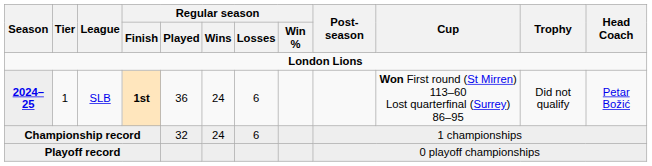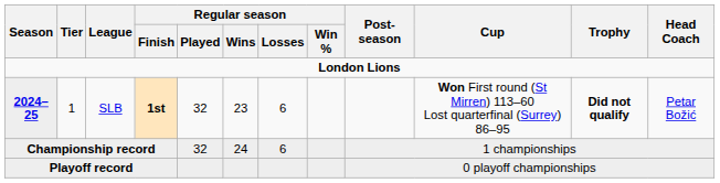 <table class="wikitable" style="font-size:95%; text-align:center">
 <tr>
 <th rowspan=2>Season</th>
 <th rowspan=2>Tier</th>
 <th rowspan=2>League</th>
 <th colspan=5>Regular season</th>
 <th rowspan=2>Post-season</th>
 <th rowspan=2>Cup</th>
 <th rowspan=2>Trophy</th>
 <th rowspan=2>Head Coach</th>
 </tr>
 <tr>
 <th>Finish</th>
 <th>Played</th>
 <th>Wins</th>
 <th>Losses</th>
 <th>Win %</th>
 </tr>
 <tr>
 <td colspan="12" align="center"><strong>London Lions</strong></td>
 </tr>
 <tr>
 <th style="background:#eee;"><a href='#'>2024–25</a></th>
 <td style="text-align:center;">1</td>
 <td style="text-align:center;"><a href='#'>SLB</a></td>
 <td style="text-align:center;background-color:#FFE6BD;"><strong>1st</strong></td>
-<td style="text-align:center;">36</td>
-<td style="text-align:center;">24</td>
+<td style="text-align:center;">32</td>
+<td style="text-align:center;">23</td>
 <td style="text-align:center;">6</td>
 <td style="text-align:center;"></td>
 <td style="text-align:center;background-color:#;"></td>
 <td style="text-align:center;"><strong>Won</strong> First round (<a href='#'>St Mirren</a>) 113–60<br>Lost quarterfinal (<a href='#'>Surrey</a>) 86–95</td>
-<td style="text-align:center;">Did not qualify</td>
+<td style="text-align:center;"><strong>Did not qualify</strong></td>
 <td style="text-align:center;"><a href='#'>Petar Božić</a></td>
 </tr>
 <tr>
 <th colspan=4 style="background:#eee;">Championship record</th>
 <td style="background:#eee;">32</td>
 <td style="background:#eee;">24</td>
 <td style="background:#eee;">6</td>
 <td style="background:#eee;"></td>
 <td colspan="4" style="background:#eee;">1 championships</td>
 </tr>
 <tr>
 <th colspan=4 style="background:#eee;">Playoff record</th>
 <td style="background:#eee;"></td>
 <td style="background:#eee;"></td>
 <td style="background:#eee;"></td>
 <td style="background:#eee;"></td>
 <td colspan="4" style="background:#eee;">0 playoff championships</td>
 </tr>
 </table>
